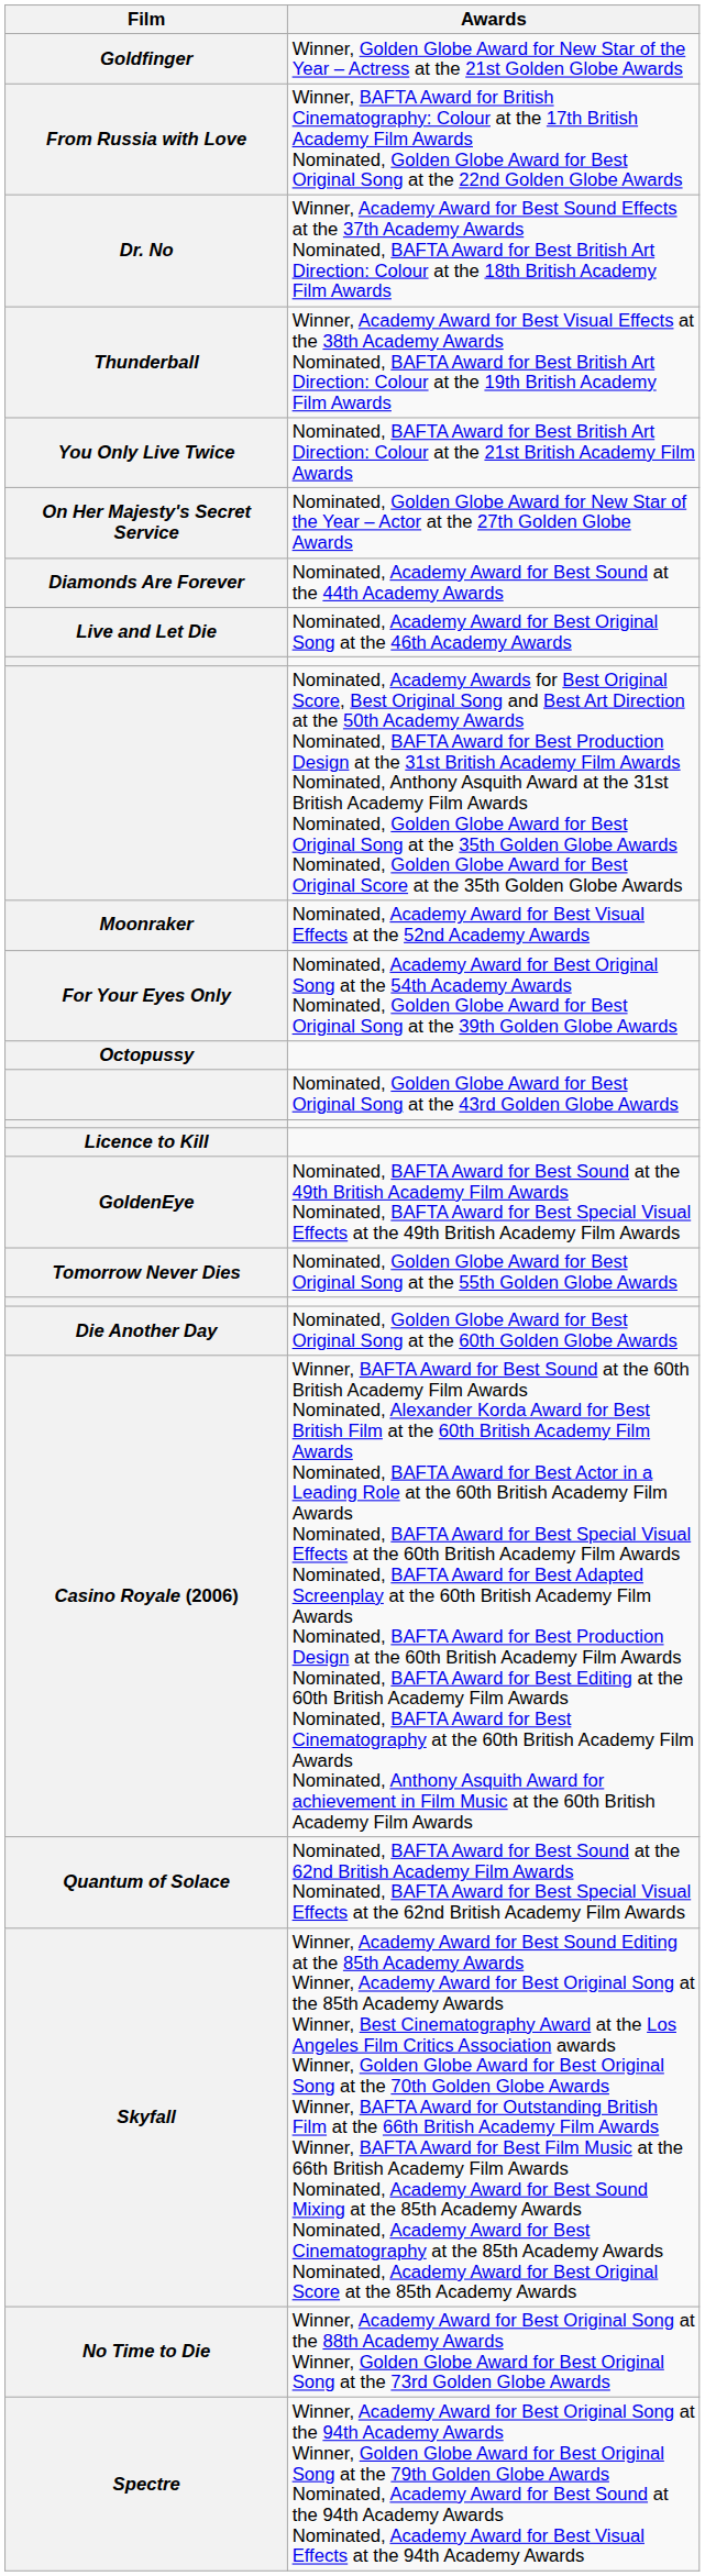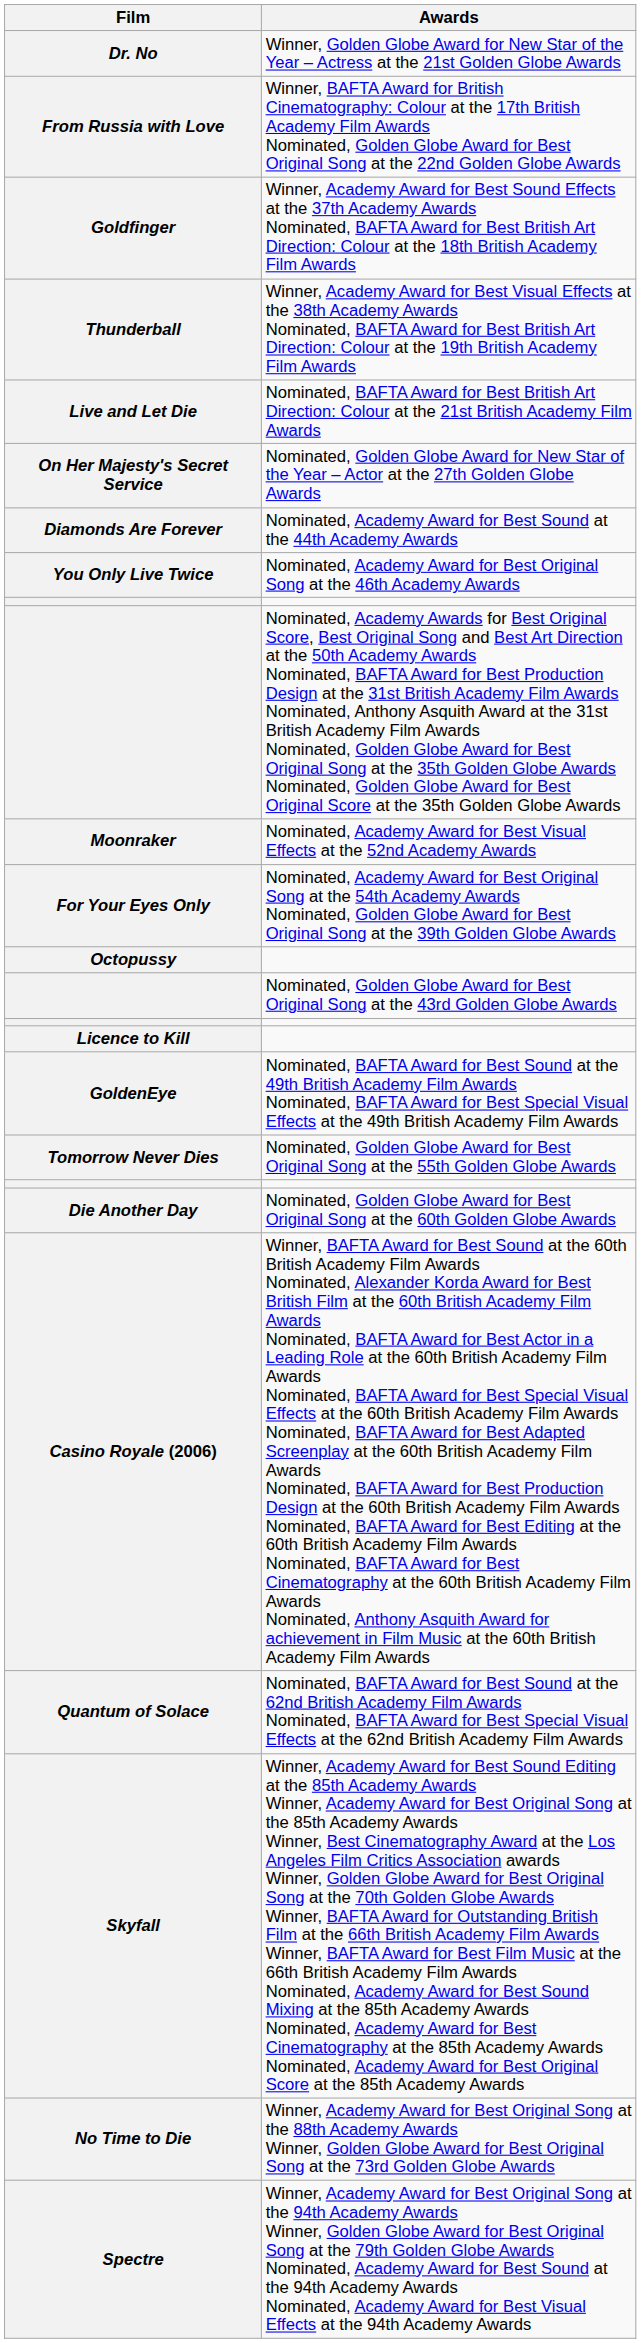 <table class="wikitable plainrowheaders">
 <tr>
 <th scope="col" style="width:15em;">Film</th>
 <th scope="col" class="unsortable">Awards</th>
 </tr>
 <tr>
-<th scope="row"><em>Goldfinger</em></th>
+<th scope="row"><em>Dr. No</em></th>
 <td>Winner, <a href='#'>Golden Globe Award for New Star of the Year – Actress</a> at the <a href='#'>21st Golden Globe Awards</a></td>
 </tr>
 <tr>
 <th scope="row"><em>From Russia with Love</em></th>
 <td>Winner, <a href='#'>BAFTA Award for British Cinematography: Colour</a> at the <a href='#'>17th British Academy Film Awards</a><br>Nominated, <a href='#'>Golden Globe Award for Best Original Song</a> at the <a href='#'>22nd Golden Globe Awards</a></td>
 </tr>
 <tr>
-<th scope="row"><em>Dr. No</em></th>
+<th scope="row"><em>Goldfinger</em></th>
 <td>Winner, <a href='#'>Academy Award for Best Sound Effects</a> at the <a href='#'>37th Academy Awards</a><br>Nominated, <a href='#'>BAFTA Award for Best British Art Direction: Colour</a> at the <a href='#'>18th British Academy Film Awards</a></td>
 </tr>
 <tr>
 <th scope="row"><em>Thunderball</em></th>
 <td>Winner, <a href='#'>Academy Award for Best Visual Effects</a> at the <a href='#'>38th Academy Awards</a><br>Nominated, <a href='#'>BAFTA Award for Best British Art Direction: Colour</a> at the <a href='#'>19th British Academy Film Awards</a></td>
 </tr>
 <tr>
-<th scope="row"><em>You Only Live Twice</em></th>
+<th scope="row"><em>Live and Let Die</em></th>
 <td>Nominated, <a href='#'>BAFTA Award for Best British Art Direction: Colour</a> at the <a href='#'>21st British Academy Film Awards</a></td>
 </tr>
 <tr>
 <th scope="row"><em>On Her Majesty's Secret Service</em></th>
 <td>Nominated, <a href='#'>Golden Globe Award for New Star of the Year – Actor</a> at the <a href='#'>27th Golden Globe Awards</a></td>
 </tr>
 <tr>
 <th scope="row"><em>Diamonds Are Forever</em></th>
 <td>Nominated, <a href='#'>Academy Award for Best Sound</a> at the <a href='#'>44th Academy Awards</a></td>
 </tr>
 <tr>
-<th scope="row"><em>Live and Let Die</em></th>
+<th scope="row"><em>You Only Live Twice</em></th>
 <td>Nominated, <a href='#'>Academy Award for Best Original Song</a> at the <a href='#'>46th Academy Awards</a></td>
 </tr>
 <tr>
 <th scope="row"><em></em></th>
 <td></td>
 </tr>
 <tr>
 <th scope="row"><em></em></th>
 <td>Nominated, <a href='#'>Academy Awards</a> for <a href='#'>Best Original Score</a>, <a href='#'>Best Original Song</a> and <a href='#'>Best Art Direction</a> at the <a href='#'>50th Academy Awards</a><br>Nominated, <a href='#'>BAFTA Award for Best Production Design</a> at the <a href='#'>31st British Academy Film Awards</a><br>Nominated, Anthony Asquith Award at the 31st British Academy Film Awards<br>Nominated, <a href='#'>Golden Globe Award for Best Original Song</a> at the <a href='#'>35th Golden Globe Awards</a><br>Nominated, <a href='#'>Golden Globe Award for Best Original Score</a> at the 35th Golden Globe Awards</td>
 </tr>
 <tr>
 <th scope="row"><em>Moonraker</em></th>
 <td>Nominated, <a href='#'>Academy Award for Best Visual Effects</a> at the <a href='#'>52nd Academy Awards</a></td>
 </tr>
 <tr>
 <th scope="row"><em>For Your Eyes Only</em></th>
 <td>Nominated, <a href='#'>Academy Award for Best Original Song</a> at the <a href='#'>54th Academy Awards</a><br>Nominated, <a href='#'>Golden Globe Award for Best Original Song</a> at the <a href='#'>39th Golden Globe Awards</a></td>
 </tr>
 <tr>
 <th scope="row"><em>Octopussy</em></th>
 <td></td>
 </tr>
 <tr>
 <th scope="row"><em></em></th>
 <td>Nominated, <a href='#'>Golden Globe Award for Best Original Song</a> at the <a href='#'>43rd Golden Globe Awards</a></td>
 </tr>
 <tr>
 <th scope="row"><em></em></th>
 <td></td>
 </tr>
 <tr>
 <th scope="row"><em>Licence to Kill</em></th>
 <td></td>
 </tr>
 <tr>
 <th scope="row"><em>GoldenEye</em></th>
 <td>Nominated, <a href='#'>BAFTA Award for Best Sound</a> at the <a href='#'>49th British Academy Film Awards</a><br>Nominated, <a href='#'>BAFTA Award for Best Special Visual Effects</a> at the 49th British Academy Film Awards</td>
 </tr>
 <tr>
 <th scope="row"><em>Tomorrow Never Dies</em></th>
 <td>Nominated, <a href='#'>Golden Globe Award for Best Original Song</a> at the <a href='#'>55th Golden Globe Awards</a></td>
 </tr>
 <tr>
 <th scope="row"><em></em></th>
 <td></td>
 </tr>
 <tr>
 <th scope="row"><em>Die Another Day</em></th>
 <td>Nominated, <a href='#'>Golden Globe Award for Best Original Song</a> at the <a href='#'>60th Golden Globe Awards</a></td>
 </tr>
 <tr>
 <th scope="row"><em>Casino Royale</em> (2006)</th>
 <td>Winner, <a href='#'>BAFTA Award for Best Sound</a> at the 60th British Academy Film Awards<br>Nominated, <a href='#'>Alexander Korda Award for Best British Film</a> at the <a href='#'>60th British Academy Film Awards</a><br>Nominated, <a href='#'>BAFTA Award for Best Actor in a Leading Role</a> at the 60th British Academy Film Awards<br>Nominated, <a href='#'>BAFTA Award for Best Special Visual Effects</a> at the 60th British Academy Film Awards<br>Nominated, <a href='#'>BAFTA Award for Best Adapted Screenplay</a> at the 60th British Academy Film Awards<br>Nominated, <a href='#'>BAFTA Award for Best Production Design</a> at the 60th British Academy Film Awards<br>Nominated, <a href='#'>BAFTA Award for Best Editing</a> at the 60th British Academy Film Awards<br>Nominated, <a href='#'>BAFTA Award for Best Cinematography</a> at the 60th British Academy Film Awards<br>Nominated, <a href='#'>Anthony Asquith Award for achievement in Film Music</a> at the 60th British Academy Film Awards</td>
 </tr>
 <tr>
 <th scope="row"><em>Quantum of Solace</em></th>
 <td>Nominated, <a href='#'>BAFTA Award for Best Sound</a> at the <a href='#'>62nd British Academy Film Awards</a><br>Nominated, <a href='#'>BAFTA Award for Best Special Visual Effects</a> at the 62nd British Academy Film Awards</td>
 </tr>
 <tr>
 <th scope="row"><em>Skyfall</em></th>
 <td>Winner, <a href='#'>Academy Award for Best Sound Editing</a> at the <a href='#'>85th Academy Awards</a> <br>Winner, <a href='#'>Academy Award for Best Original Song</a> at the 85th Academy Awards<br>Winner, <a href='#'>Best Cinematography Award</a> at the <a href='#'>Los Angeles Film Critics Association</a> awards<br>Winner, <a href='#'>Golden Globe Award for Best Original Song</a> at the <a href='#'>70th Golden Globe Awards</a><br>Winner, <a href='#'>BAFTA Award for Outstanding British Film</a> at the <a href='#'>66th British Academy Film Awards</a><br>Winner, <a href='#'>BAFTA Award for Best Film Music</a> at the 66th British Academy Film Awards<br>Nominated, <a href='#'>Academy Award for Best Sound Mixing</a> at the 85th Academy Awards<br>Nominated, <a href='#'>Academy Award for Best Cinematography</a> at the 85th Academy Awards<br>Nominated, <a href='#'>Academy Award for Best Original Score</a> at the 85th Academy Awards</td>
 </tr>
 <tr>
 <th scope="row"><em>No Time to Die</em></th>
 <td>Winner, <a href='#'>Academy Award for Best Original Song</a> at the <a href='#'>88th Academy Awards</a><br>Winner, <a href='#'>Golden Globe Award for Best Original Song</a> at the <a href='#'>73rd Golden Globe Awards</a></td>
 </tr>
 <tr>
 <th scope="row"><em>Spectre</em></th>
 <td>Winner, <a href='#'>Academy Award for Best Original Song</a> at the <a href='#'>94th Academy Awards</a><br>Winner, <a href='#'>Golden Globe Award for Best Original Song</a> at the <a href='#'>79th Golden Globe Awards</a><br>Nominated, <a href='#'>Academy Award for Best Sound</a> at the 94th Academy Awards<br>Nominated, <a href='#'>Academy Award for Best Visual Effects</a> at the 94th Academy Awards</td>
 </tr>
 </table>
